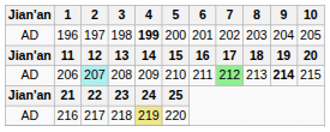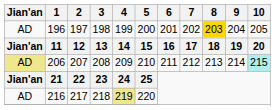 <table class="wikitable"  style="text-align:center;">
 <tr>
 <th>Jian'an</th>
 <th>1</th>
 <th>2</th>
 <th>3</th>
 <th>4</th>
 <th>5</th>
 <th>6</th>
 <th>7</th>
 <th>8</th>
 <th>9</th>
 <th>10</th>
 </tr>
 <tr>
 <td>AD</td>
 <td>196</td>
 <td>197</td>
 <td>198</td>
-<td><strong>199</strong></td>
+<td>199</td>
 <td>200</td>
 <td>201</td>
 <td>202</td>
-<td>203</td>
+<td style="background: gold;">203</td>
 <td>204</td>
 <td>205</td>
 </tr>
 <tr>
 <th>Jian'an</th>
 <th>11</th>
 <th>12</th>
 <th>13</th>
 <th>14</th>
 <th>15</th>
 <th>16</th>
 <th>17</th>
 <th>18</th>
 <th>19</th>
 <th>20</th>
 </tr>
 <tr>
-<td>AD</td>
+<td style="background: khaki;">AD</td>
 <td>206</td>
-<td style="background: paleturquoise;">207</td>
+<td>207</td>
 <td>208</td>
 <td>209</td>
 <td>210</td>
 <td>211</td>
-<td style="background: lightgreen;">212</td>
+<td>212</td>
 <td>213</td>
-<td><strong>214</strong></td>
-<td>215</td>
+<td>214</td>
+<td style="background: paleturquoise;">215</td>
 </tr>
 <tr>
 <th>Jian'an</th>
 <th>21</th>
 <th>22</th>
 <th>23</th>
 <th>24</th>
 <th>25</th>
 </tr>
 <tr>
 <td>AD</td>
 <td>216</td>
 <td>217</td>
 <td>218</td>
 <td style="background: khaki;">219</td>
 <td>220</td>
 </tr>
 <tr>
 </tr>
 </table>
